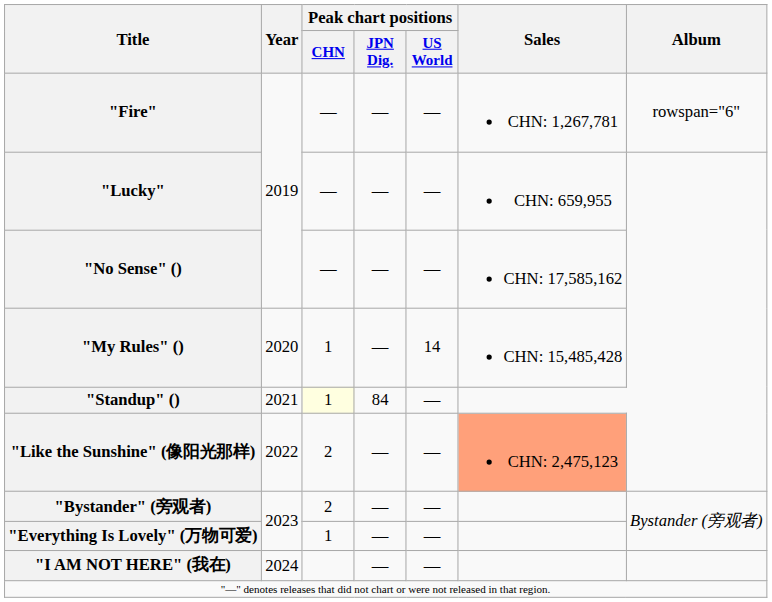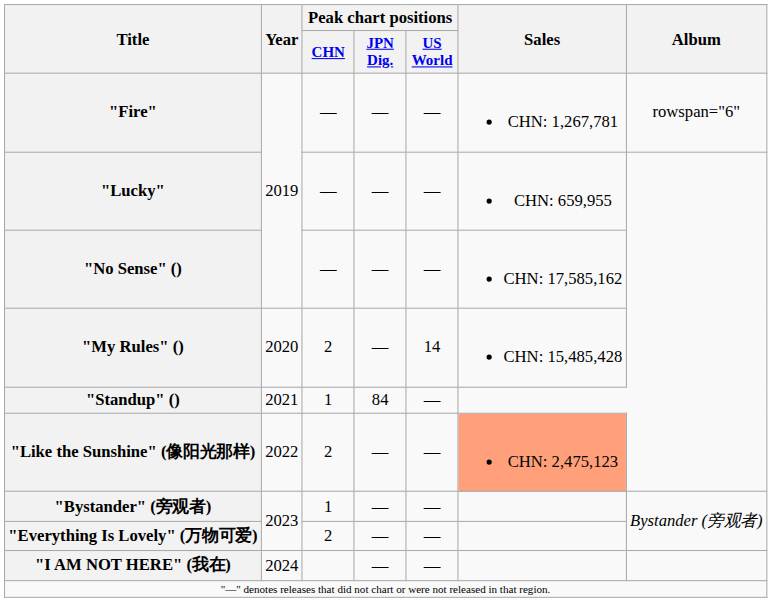 <table class="wikitable plainrowheaders" style="text-align:center;">
 <tr>
 <th rowspan="2" scope="col">Title</th>
 <th rowspan="2" scope="col">Year</th>
 <th colspan="3">Peak chart positions</th>
 <th rowspan="2" scope="col">Sales</th>
 <th rowspan="2" scope="col">Album</th>
 </tr>
 <tr>
 <th scope="col" style="width:3em;font-size:90%;"><a href='#'>CHN</a><br></th>
 <th scope="col" style="width:3em;font-size:90%;"><a href='#'>JPN Dig.</a><br></th>
 <th scope="col" style="width:3em;font-size:90%;"><a href='#'>US World</a><br></th>
 </tr>
 <tr>
 <th scope="row">"Fire"</th>
 <td rowspan="3">2019</td>
 <td>—</td>
 <td>—</td>
 <td>—</td>
 <td><br><ul><li>CHN: 1,267,781</li></ul></td>
 <td>rowspan="6" </td>
 </tr>
 <tr>
 <th scope="row">"Lucky"</th>
 <td>—</td>
 <td>—</td>
 <td>—</td>
 <td><br><ul><li>CHN: 659,955</li></ul></td>
 </tr>
 <tr>
 <th scope="row">"No Sense" ()</th>
 <td>—</td>
 <td>—</td>
 <td>—</td>
 <td><br><ul><li>CHN: 17,585,162</li></ul></td>
 </tr>
 <tr>
 <th scope="row">"My Rules" ()</th>
 <td>2020</td>
-<td>1</td>
+<td>2</td>
 <td>—</td>
 <td>14</td>
 <td><br><ul><li>CHN: 15,485,428</li></ul></td>
 </tr>
 <tr>
 <th scope="row">"Standup" ()</th>
 <td>2021</td>
-<td style="background: lightyellow;">1</td>
+<td>1</td>
 <td>84</td>
 <td>—</td>
 </tr>
 <tr>
 <th scope="row">"Like the Sunshine" (像阳光那样)</th>
 <td>2022</td>
 <td>2</td>
 <td>—</td>
 <td>—</td>
 <td style="background: lightsalmon;"><br><ul><li>CHN: 2,475,123</li></ul></td>
 </tr>
 <tr>
 <th scope="row">"Bystander" (旁观者)</th>
 <td rowspan="2">2023</td>
-<td>2</td>
+<td>1</td>
 <td>—</td>
 <td>—</td>
 <td></td>
 <td rowspan="2"><em>Bystander (旁观者)</em></td>
 </tr>
 <tr>
 <th scope="row">"Everything Is Lovely" (万物可爱)</th>
-<td>1 </td>
+<td>2</td>
 <td>—</td>
 <td>—</td>
 <td></td>
 </tr>
 <tr>
 <th scope="row">"I AM NOT HERE" (我在) </th>
 <td>2024</td>
 <td></td>
 <td>—</td>
 <td>—</td>
 <td></td>
 <td></td>
 </tr>
 <tr>
 <td colspan="7" style="text-align:center; font-size:8pt;">"—" denotes releases that did not chart or were not released in that region.</td>
 </tr>
 </table>
